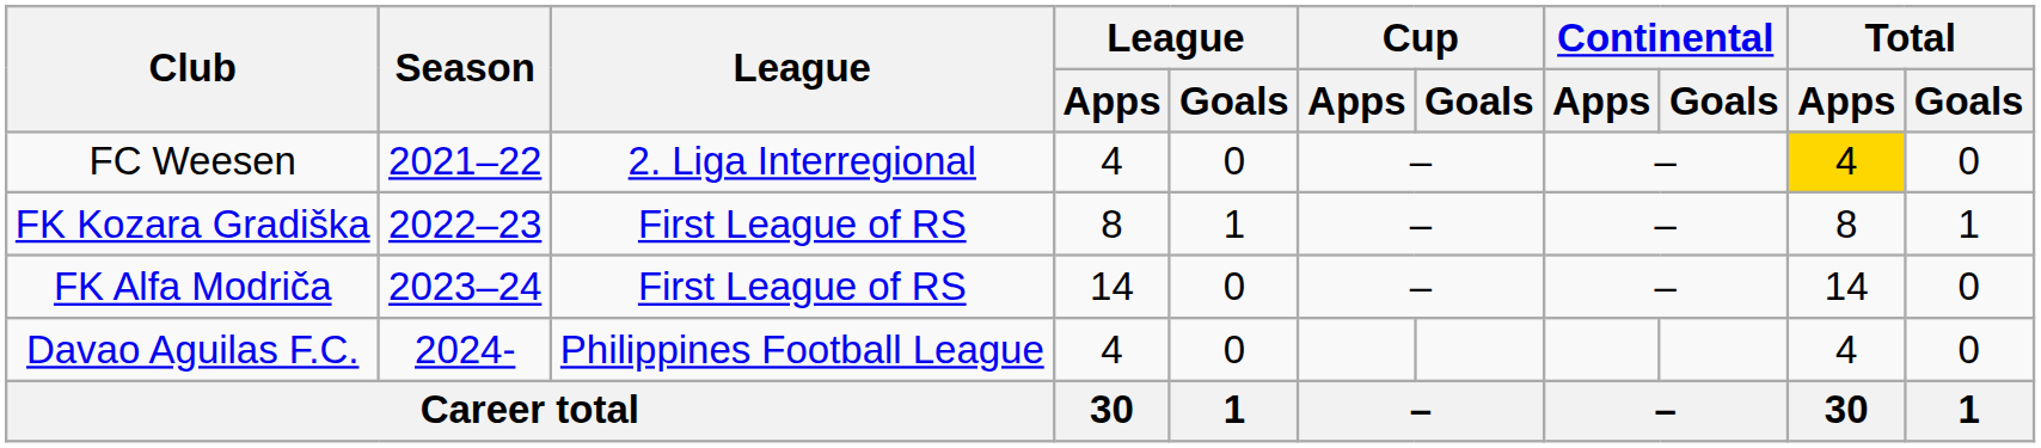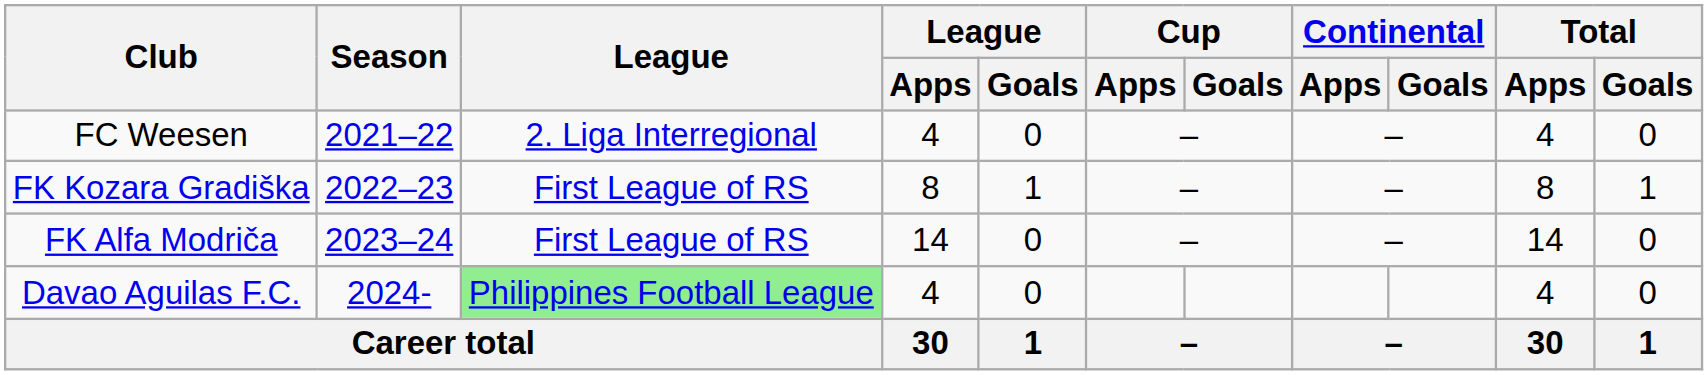 <table class="wikitable" style="text-align: center;font-size:90%">
 <tr>
 <th rowspan="2">Club</th>
 <th rowspan="2">Season</th>
 <th rowspan="2">League</th>
 <th colspan="2">League</th>
 <th colspan="2">Cup</th>
 <th colspan="2"><a href='#'>Continental</a></th>
 <th colspan="2">Total</th>
 </tr>
 <tr>
 <th>Apps</th>
 <th>Goals</th>
 <th>Apps</th>
 <th>Goals</th>
 <th>Apps</th>
 <th>Goals</th>
 <th>Apps</th>
 <th>Goals</th>
 </tr>
 <tr>
 <td>FC Weesen</td>
 <td><a href='#'>2021–22</a></td>
 <td><a href='#'>2. Liga Interregional</a></td>
 <td>4</td>
 <td>0</td>
 <td colspan="2">–</td>
 <td colspan="2">–</td>
-<td style="background: gold;">4</td>
+<td>4</td>
 <td>0</td>
 </tr>
 <tr>
 <td><a href='#'>FK Kozara Gradiška</a></td>
 <td><a href='#'>2022–23</a></td>
 <td><a href='#'>First League of RS</a></td>
 <td>8</td>
 <td>1</td>
 <td colspan="2">–</td>
 <td colspan="2">–</td>
 <td>8</td>
 <td>1</td>
 </tr>
 <tr>
 <td><a href='#'>FK Alfa Modriča</a></td>
 <td><a href='#'>2023–24</a></td>
 <td><a href='#'>First League of RS</a></td>
 <td>14</td>
 <td>0</td>
 <td colspan="2">–</td>
 <td colspan="2">–</td>
 <td>14</td>
 <td>0</td>
 </tr>
 <tr>
 <td><a href='#'>Davao Aguilas F.C.</a></td>
 <td><a href='#'>2024-</a></td>
-<td><a href='#'>Philippines Football League</a></td>
+<td style="background: lightgreen;"><a href='#'>Philippines Football League</a></td>
 <td>4</td>
 <td>0</td>
 <td></td>
 <td></td>
 <td></td>
 <td></td>
 <td>4</td>
 <td>0</td>
 </tr>
 <tr>
 <th colspan="3">Career total</th>
 <th>30</th>
 <th>1</th>
 <th colspan="2">–</th>
 <th colspan="2">–</th>
 <th>30</th>
 <th>1</th>
 </tr>
 </table>
